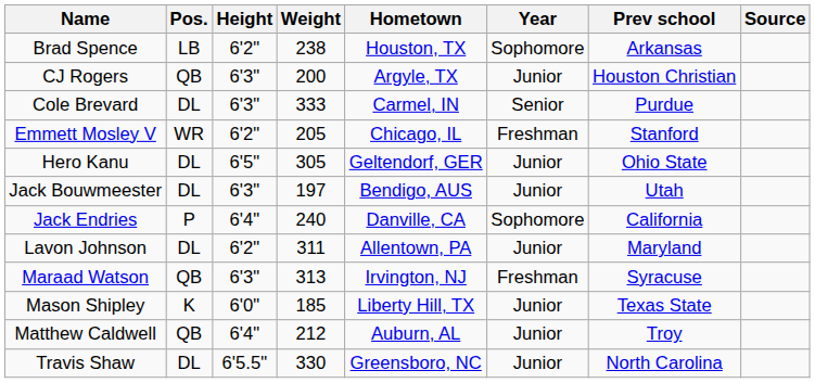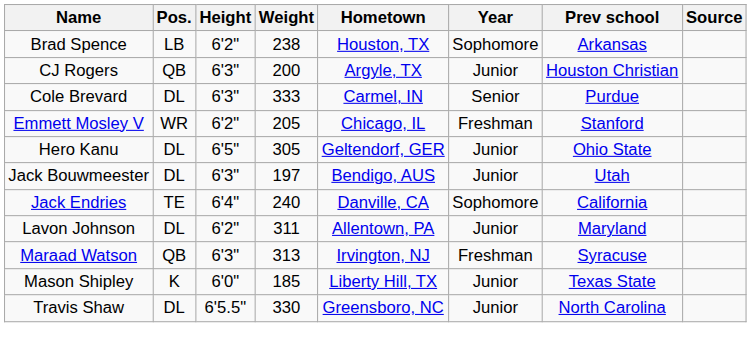 <table class="wikitable sortable">
 <tr>
 <th style="text-align:center; ">Name</th>
 <th style="text-align:center; ">Pos.</th>
 <th style="text-align:center; ">Height</th>
 <th style="text-align:center; ">Weight</th>
 <th style="text-align:center; ">Hometown</th>
 <th style="text-align:center; ">Year</th>
 <th style="text-align:center; ">Prev school</th>
 <th style="text-align:center; ">Source</th>
 </tr>
 <tr align="center">
 <td>Brad Spence</td>
 <td>LB</td>
 <td>6'2"</td>
 <td>238</td>
 <td><a href='#'>Houston, TX</a></td>
 <td>Sophomore</td>
 <td><a href='#'>Arkansas</a></td>
 <td></td>
 </tr>
 <tr align="center">
 <td>CJ Rogers</td>
 <td>QB</td>
 <td>6'3"</td>
 <td>200</td>
 <td><a href='#'>Argyle, TX</a></td>
 <td>Junior</td>
 <td><a href='#'>Houston Christian</a></td>
 <td></td>
 </tr>
 <tr align="center">
 <td>Cole Brevard</td>
 <td>DL</td>
 <td>6'3"</td>
 <td>333</td>
 <td><a href='#'>Carmel, IN</a></td>
 <td>Senior</td>
 <td><a href='#'>Purdue</a></td>
 <td></td>
 </tr>
 <tr align="center">
 <td><a href='#'>Emmett Mosley V</a></td>
 <td>WR</td>
 <td>6'2"</td>
 <td>205</td>
 <td><a href='#'>Chicago, IL</a></td>
 <td>Freshman</td>
 <td><a href='#'>Stanford</a></td>
 <td></td>
 </tr>
 <tr align="center">
 <td>Hero Kanu</td>
 <td>DL</td>
 <td>6'5"</td>
 <td>305</td>
 <td><a href='#'>Geltendorf, GER</a></td>
 <td>Junior</td>
 <td><a href='#'>Ohio State</a></td>
 <td></td>
 </tr>
 <tr align="center">
 <td>Jack Bouwmeester</td>
 <td>DL</td>
 <td>6'3"</td>
 <td>197</td>
 <td><a href='#'>Bendigo, AUS</a></td>
 <td>Junior</td>
 <td><a href='#'>Utah</a></td>
 <td></td>
 </tr>
 <tr align="center">
 <td><a href='#'>Jack Endries</a></td>
-<td>P</td>
+<td>TE</td>
 <td>6'4"</td>
 <td>240</td>
 <td><a href='#'>Danville, CA</a></td>
 <td>Sophomore</td>
 <td><a href='#'>California</a></td>
 <td></td>
 </tr>
 <tr align="center">
 <td>Lavon Johnson</td>
 <td>DL</td>
 <td>6'2"</td>
 <td>311</td>
 <td><a href='#'>Allentown, PA</a></td>
 <td>Junior</td>
 <td><a href='#'>Maryland</a></td>
 <td></td>
 </tr>
 <tr align="center">
 <td><a href='#'>Maraad Watson</a></td>
 <td>QB</td>
 <td>6'3"</td>
 <td>313</td>
 <td><a href='#'>Irvington, NJ</a></td>
 <td>Freshman</td>
 <td><a href='#'>Syracuse</a></td>
 <td></td>
 </tr>
 <tr align="center">
 <td>Mason Shipley</td>
 <td>K</td>
 <td>6'0"</td>
 <td>185</td>
 <td><a href='#'>Liberty Hill, TX</a></td>
 <td>Junior</td>
 <td><a href='#'>Texas State</a></td>
 <td></td>
 </tr>
 <tr align="center">
-<td>Matthew Caldwell</td>
-<td>QB</td>
-<td>6'4"</td>
-<td>212</td>
-<td><a href='#'>Auburn, AL</a></td>
-<td>Junior</td>
-<td><a href='#'>Troy</a></td>
-<td></td>
-</tr>
-<tr align="center">
 <td>Travis Shaw</td>
 <td>DL</td>
 <td>6'5.5"</td>
 <td>330</td>
 <td><a href='#'>Greensboro, NC</a></td>
 <td>Junior</td>
 <td><a href='#'>North Carolina</a></td>
 <td></td>
 </tr>
 </table>
